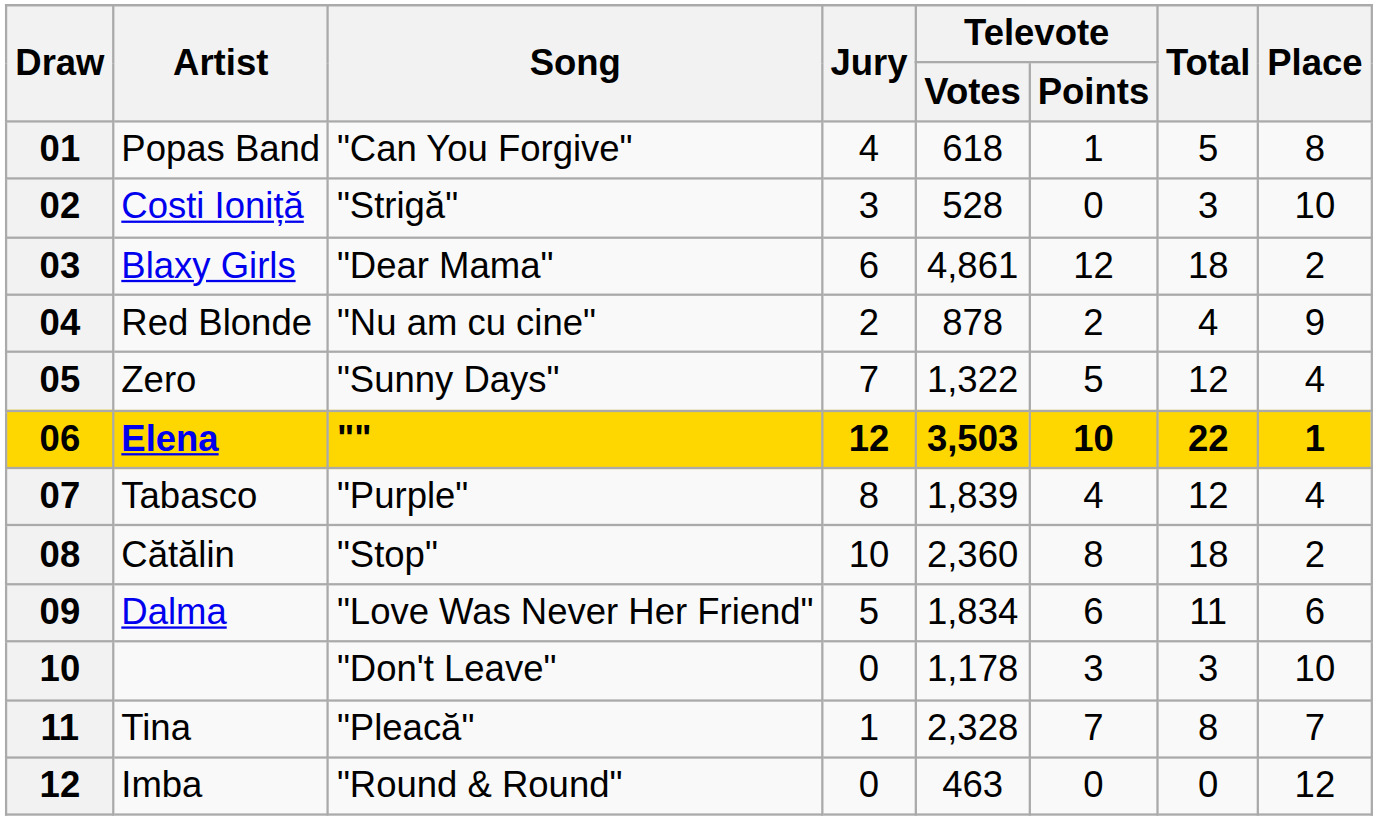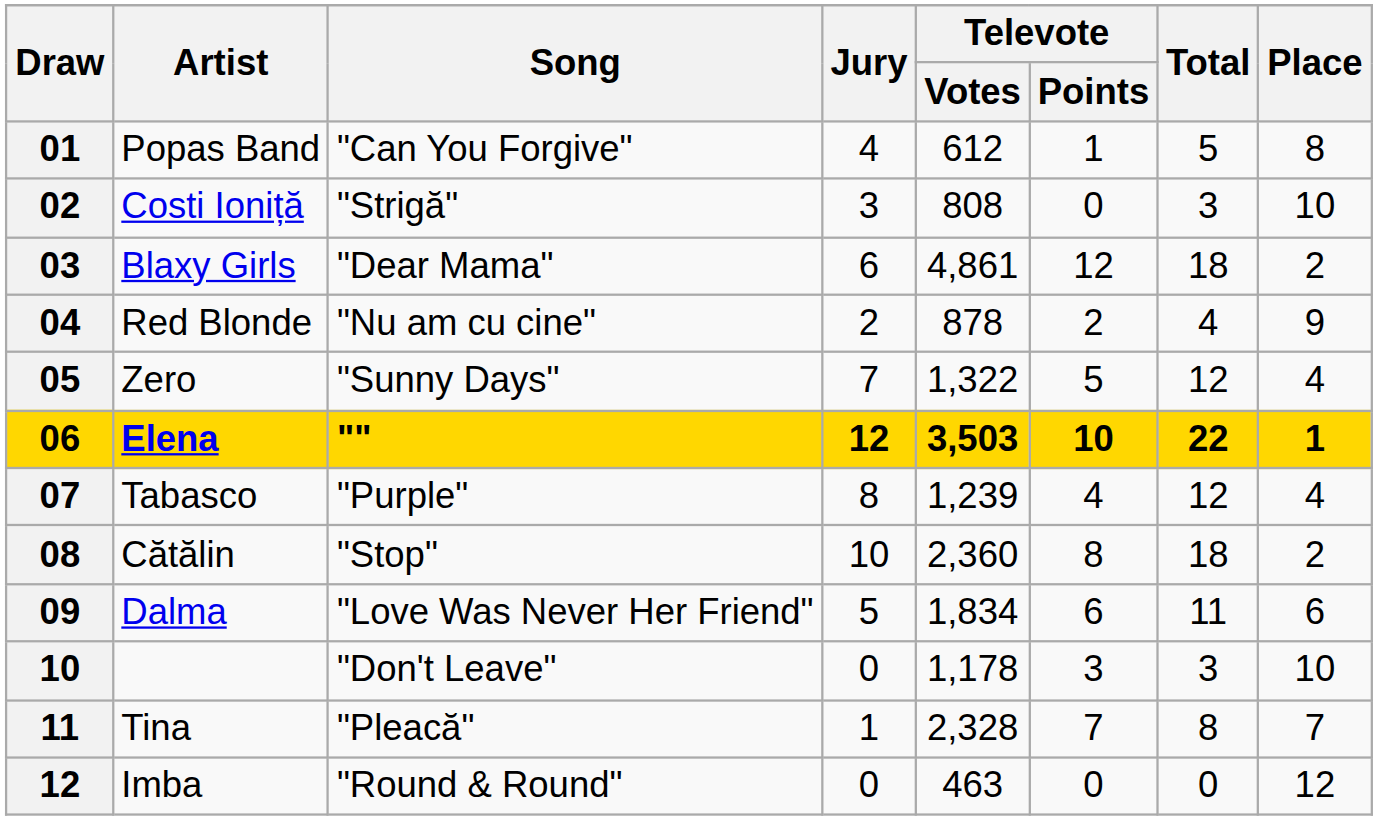 <table class="wikitable sortable plainrowheaders" style="margin: 1em auto 1em auto; text-align:center">
 <tr>
 </tr>
 <tr>
 <th scope="col" rowspan="2">Draw</th>
 <th scope="col" rowspan="2">Artist</th>
 <th scope="col" rowspan="2">Song</th>
 <th scope="col" rowspan="2">Jury</th>
 <th scope="col" colspan="2">Televote</th>
 <th scope="col" rowspan="2">Total</th>
 <th scope="col" rowspan="2">Place</th>
 </tr>
 <tr>
 <th scope="col">Votes</th>
 <th scope="col">Points</th>
 </tr>
 <tr>
 <th scope="row" style="text-align:center;">01</th>
 <td style="text-align:left;">Popas Band</td>
 <td style="text-align:left;">"Can You Forgive"</td>
 <td>4</td>
-<td>618</td>
+<td>612</td>
 <td>1</td>
 <td>5</td>
 <td>8</td>
 </tr>
 <tr>
 <th scope="row" style="text-align:center;">02</th>
 <td style="text-align:left;"><a href='#'>Costi Ioniță</a></td>
 <td style="text-align:left;">"Strigă"</td>
 <td>3</td>
-<td>528</td>
+<td>808</td>
 <td>0</td>
 <td>3</td>
 <td>10</td>
 </tr>
 <tr>
 <th scope="row" style="text-align:center;">03</th>
 <td style="text-align:left;"><a href='#'>Blaxy Girls</a></td>
 <td style="text-align:left;">"Dear Mama"</td>
 <td>6</td>
 <td>4,861</td>
 <td>12</td>
 <td>18</td>
 <td>2</td>
 </tr>
 <tr>
 <th scope="row" style="text-align:center;">04</th>
 <td style="text-align:left;">Red Blonde</td>
 <td style="text-align:left;">"Nu am cu cine"</td>
 <td>2</td>
 <td>878</td>
 <td>2</td>
 <td>4</td>
 <td>9</td>
 </tr>
 <tr>
 <th scope="row" style="text-align:center;">05</th>
 <td style="text-align:left;">Zero</td>
 <td style="text-align:left;">"Sunny Days"</td>
 <td>7</td>
 <td>1,322</td>
 <td>5</td>
 <td>12</td>
 <td>4</td>
 </tr>
 <tr style="font-weight:bold; background:gold;">
 <th scope="row" style="text-align:center; font-weight:bold; background:gold;">06</th>
 <td style="text-align:left;"><a href='#'>Elena</a></td>
 <td style="text-align:left;">""</td>
 <td>12</td>
 <td>3,503</td>
 <td>10</td>
 <td>22</td>
 <td>1</td>
 </tr>
 <tr>
 <th scope="row" style="text-align:center;">07</th>
 <td style="text-align:left;">Tabasco</td>
 <td style="text-align:left;">"Purple"</td>
 <td>8</td>
-<td>1,839</td>
+<td>1,239</td>
 <td>4</td>
 <td>12</td>
 <td>4</td>
 </tr>
 <tr>
 <th scope="row" style="text-align:center;">08</th>
 <td style="text-align:left;">Cătălin</td>
 <td style="text-align:left;">"Stop"</td>
 <td>10</td>
 <td>2,360</td>
 <td>8</td>
 <td>18</td>
 <td>2</td>
 </tr>
 <tr>
 <th scope="row" style="text-align:center;">09</th>
 <td style="text-align:left;"><a href='#'>Dalma</a></td>
 <td style="text-align:left;">"Love Was Never Her Friend"</td>
 <td>5</td>
 <td>1,834</td>
 <td>6</td>
 <td>11</td>
 <td>6</td>
 </tr>
 <tr>
 <th scope="row" style="text-align:center;">10</th>
 <td style="text-align:left;"></td>
 <td style="text-align:left;">"Don't Leave"</td>
 <td>0</td>
 <td>1,178</td>
 <td>3</td>
 <td>3</td>
 <td>10</td>
 </tr>
 <tr>
 <th scope="row" style="text-align:center;">11</th>
 <td style="text-align:left;">Tina</td>
 <td style="text-align:left;">"Pleacă"</td>
 <td>1</td>
 <td>2,328</td>
 <td>7</td>
 <td>8</td>
 <td>7</td>
 </tr>
 <tr>
 <th scope="row" style="text-align:center;">12</th>
 <td style="text-align:left;">Imba</td>
 <td style="text-align:left;">"Round & Round"</td>
 <td>0</td>
 <td>463</td>
 <td>0</td>
 <td>0</td>
 <td>12</td>
 </tr>
 </table>
